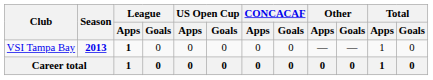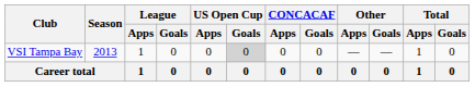 <table class="wikitable" style="font-size:90%; text-align:center;">
 <tr>
 <th rowspan="2">Club</th>
 <th rowspan="2">Season</th>
 <th colspan="2">League</th>
 <th colspan="2">US Open Cup</th>
 <th colspan="2"><a href='#'>CONCACAF</a></th>
 <th colspan="2">Other</th>
 <th colspan="2">Total</th>
 </tr>
 <tr>
 <th>Apps</th>
 <th>Goals</th>
 <th>Apps</th>
 <th>Goals</th>
 <th>Apps</th>
 <th>Goals</th>
 <th>Apps</th>
 <th>Goals</th>
 <th>Apps</th>
 <th>Goals</th>
 </tr>
 <tr>
 <td rowspan="1"><a href='#'>VSI Tampa Bay</a></td>
-<td><strong><a href='#'>2013</a></strong></td>
-<td><strong>1</strong></td>
+<td><a href='#'>2013</a></td>
+<td>1</td>
 <td>0</td>
 <td>0</td>
-<td>0</td>
+<td style="background: lightgrey;">0</td>
 <td>0</td>
 <td>0</td>
 <td>—</td>
 <td>—</td>
 <td>1</td>
 <td>0</td>
 </tr>
 <tr>
 <th colspan="2">Career total</th>
 <th>1</th>
 <th>0</th>
 <th>0</th>
 <th>0</th>
 <th>0</th>
 <th>0</th>
 <th>0</th>
 <th>0</th>
 <th>1</th>
 <th>0</th>
 </tr>
 </table>
